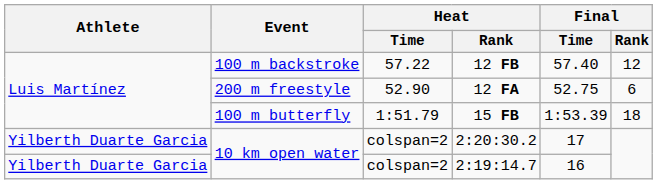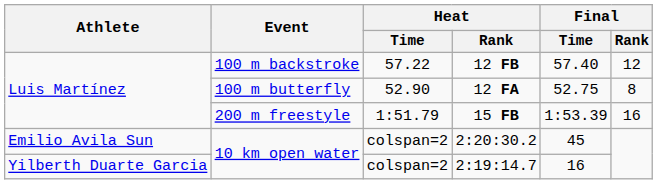 <table class=wikitable style="font-size:90%">
 <tr>
 <th rowspan="2">Athlete</th>
 <th rowspan="2">Event</th>
 <th colspan="2">Heat</th>
 <th colspan="2">Final</th>
 </tr>
 <tr style="font-size:95%">
 <th>Time</th>
 <th>Rank</th>
 <th>Time</th>
 <th>Rank</th>
 </tr>
 <tr align=center>
 <td align=left rowspan="3"><a href='#'>Luis Martínez</a></td>
 <td align=left><a href='#'>100 m backstroke</a></td>
 <td>57.22</td>
 <td>12 <strong>FB</strong></td>
 <td>57.40</td>
 <td>12</td>
 </tr>
 <tr align=center>
-<td align=left><a href='#'>200 m freestyle</a></td>
+<td align=left><a href='#'>100 m butterfly</a></td>
 <td>52.90</td>
 <td>12 <strong>FA</strong></td>
 <td>52.75</td>
-<td>6</td>
+<td>8</td>
 </tr>
 <tr align=center>
-<td align=left><a href='#'>100 m butterfly</a></td>
+<td align=left><a href='#'>200 m freestyle</a></td>
 <td>1:51.79</td>
 <td>15 <strong>FB</strong></td>
 <td>1:53.39</td>
-<td>18</td>
+<td>16</td>
 </tr>
 <tr align=center>
-<td align=left><a href='#'>Yilberth Duarte Garcia</a></td>
+<td align=left><a href='#'>Emilio Avila Sun</a></td>
 <td align=left rowspan=2><a href='#'>10 km open water</a></td>
 <td>colspan=2 </td>
 <td>2:20:30.2</td>
-<td>17</td>
+<td>45</td>
 </tr>
 <tr align=center>
 <td align=left><a href='#'>Yilberth Duarte Garcia</a></td>
 <td>colspan=2 </td>
 <td>2:19:14.7</td>
 <td>16</td>
 </tr>
 </table>
